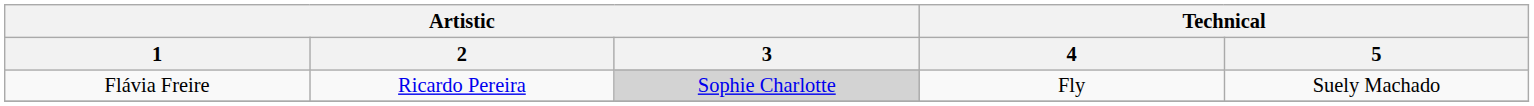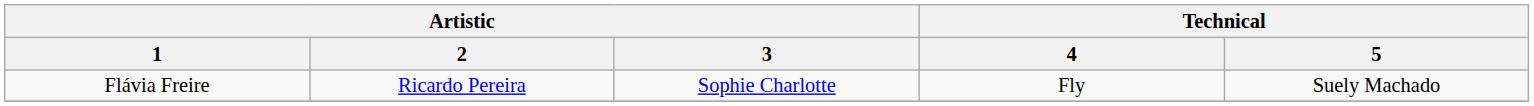 <table class="wikitable" style="font-size:90%; line-height:16px; text-align:center" width="85%">
 <tr>
 <th colspan=3>Artistic</th>
 <th colspan=2>Technical</th>
 </tr>
 <tr>
 <th>1</th>
 <th>2</th>
 <th>3</th>
 <th>4</th>
 <th>5</th>
 </tr>
 <tr>
 <td width=150>Flávia Freire</td>
 <td width=150><a href='#'>Ricardo Pereira</a></td>
-<td width=150 style="background: lightgrey;"><a href='#'>Sophie Charlotte</a></td>
+<td width=150><a href='#'>Sophie Charlotte</a></td>
 <td width=150>Fly</td>
 <td width=150>Suely Machado</td>
 </tr>
 <tr>
 </tr>
 </table>
